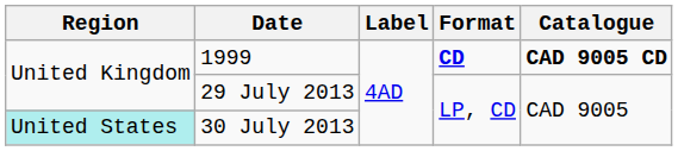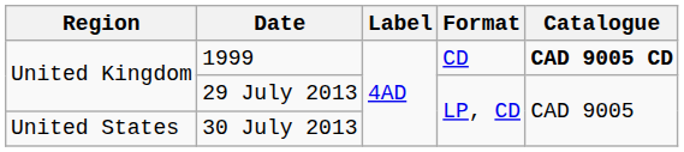 <table class="wikitable">
 <tr>
 <th>Region</th>
 <th>Date</th>
 <th>Label</th>
 <th>Format</th>
 <th>Catalogue</th>
 </tr>
 <tr>
 <td rowspan="2">United Kingdom</td>
 <td rowspan="1">1999</td>
 <td rowspan="3"><a href='#'>4AD</a></td>
-<td><strong><a href='#'>CD</a></strong></td>
+<td><a href='#'>CD</a></td>
 <td><strong>CAD 9005 CD</strong></td>
 </tr>
 <tr>
 <td rowspan="1">29 July 2013</td>
 <td rowspan="2"><a href='#'>LP</a>, <a href='#'>CD</a></td>
 <td rowspan="2">CAD 9005</td>
 </tr>
 <tr>
-<td rowspan="1" style="background: paleturquoise;">United States</td>
+<td rowspan="1">United States</td>
 <td rowspan="1">30 July 2013</td>
 </tr>
 </table>
